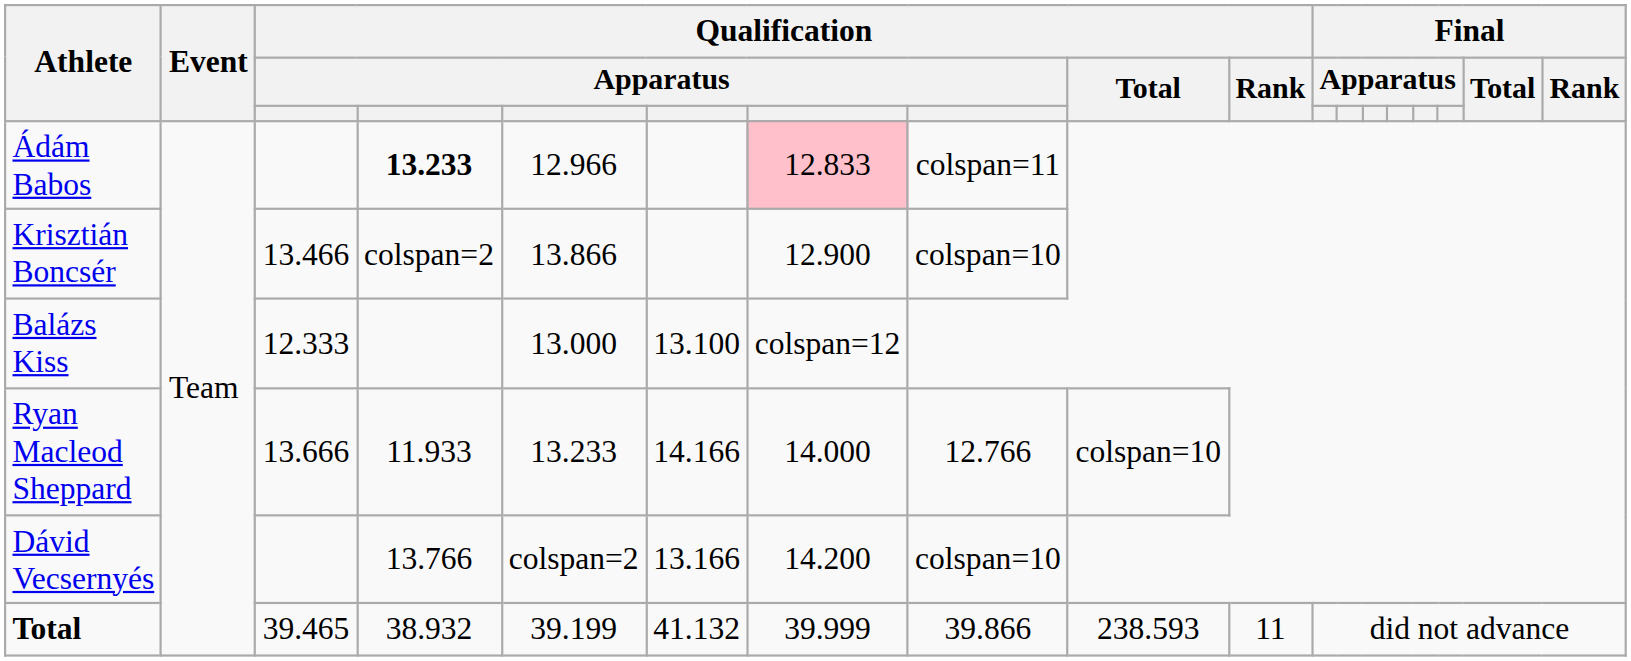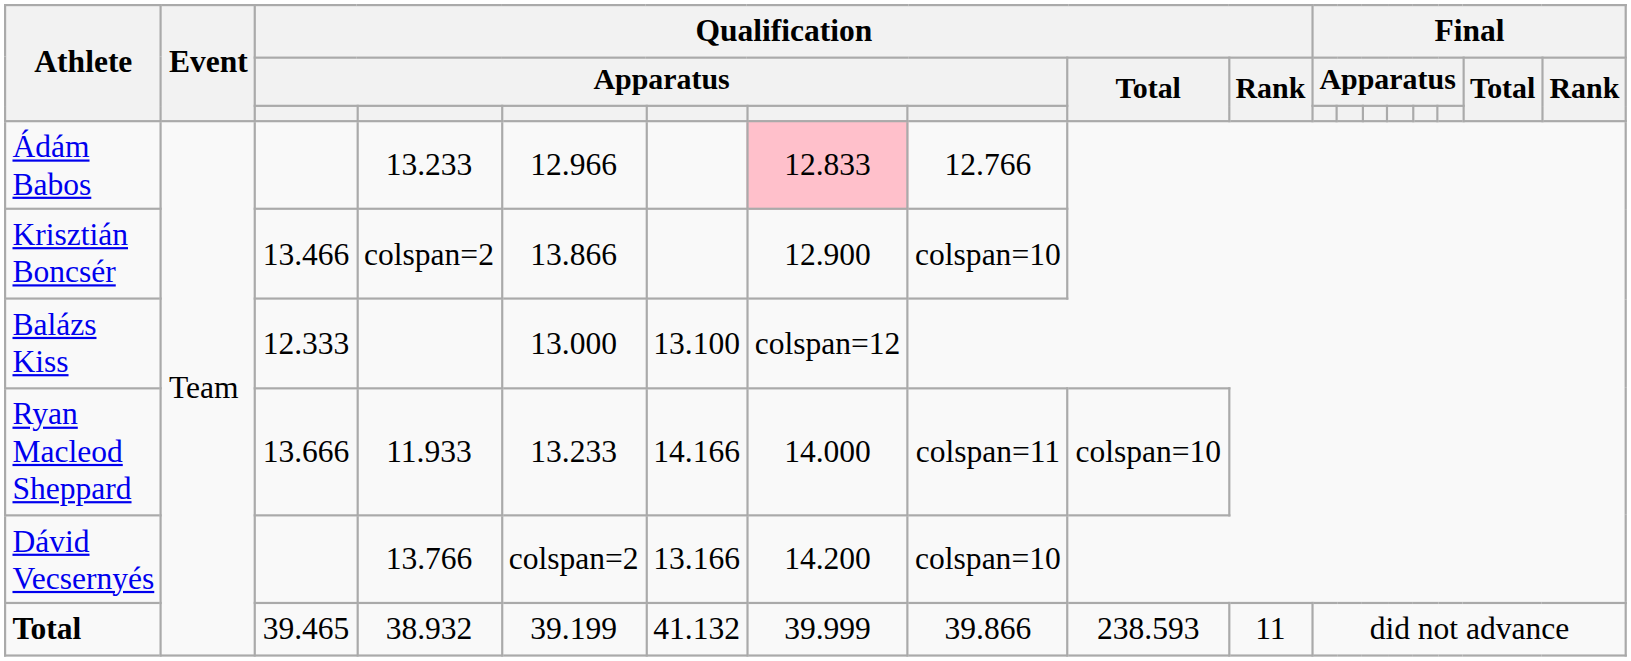 <table class="wikitable" style="font-size:90%">
 <tr>
 <th rowspan=3>Athlete</th>
 <th rowspan=3>Event</th>
 <th colspan =8>Qualification</th>
 <th colspan =8>Final</th>
 </tr>
 <tr style="font-size:95%">
 <th colspan=6>Apparatus</th>
 <th rowspan=2>Total</th>
 <th rowspan=2>Rank</th>
 <th colspan=6>Apparatus</th>
 <th rowspan=2>Total</th>
 <th rowspan=2>Rank</th>
 </tr>
 <tr style="font-size:95%">
 <th></th>
 <th></th>
 <th></th>
 <th></th>
 <th></th>
 <th></th>
 <th></th>
 <th></th>
 <th></th>
 <th></th>
 <th></th>
 <th></th>
 </tr>
 <tr align=center>
 <td align=left><a href='#'>Ádám Babos</a></td>
 <td align=left rowspan=6>Team</td>
 <td></td>
-<td><strong>13.233</strong></td>
+<td>13.233</td>
 <td>12.966</td>
 <td></td>
 <td style="background: pink;">12.833</td>
-<td>colspan=11 </td>
+<td>12.766</td>
 </tr>
 <tr align=center>
 <td align=left><a href='#'>Krisztián Boncsér</a></td>
 <td>13.466</td>
 <td>colspan=2 </td>
 <td>13.866</td>
 <td></td>
 <td>12.900</td>
 <td>colspan=10 </td>
 </tr>
 <tr align=center>
 <td align=left><a href='#'>Balázs Kiss</a></td>
 <td>12.333</td>
 <td></td>
 <td>13.000</td>
 <td>13.100</td>
 <td>colspan=12 </td>
 </tr>
 <tr align=center>
 <td align=left><a href='#'>Ryan Macleod Sheppard</a></td>
 <td>13.666</td>
 <td>11.933</td>
 <td>13.233</td>
 <td>14.166</td>
 <td>14.000</td>
-<td>12.766</td>
+<td>colspan=11 </td>
 <td>colspan=10 </td>
 </tr>
 <tr align=center>
 <td align=left><a href='#'>Dávid Vecsernyés</a></td>
 <td></td>
 <td>13.766</td>
 <td>colspan=2 </td>
 <td>13.166</td>
 <td>14.200</td>
 <td>colspan=10 </td>
 </tr>
 <tr align=center>
 <td align=left><strong>Total</strong></td>
 <td>39.465</td>
 <td>38.932</td>
 <td>39.199</td>
 <td>41.132</td>
 <td>39.999</td>
 <td>39.866</td>
 <td>238.593</td>
 <td>11</td>
 <td colspan=8>did not advance</td>
 </tr>
 </table>
